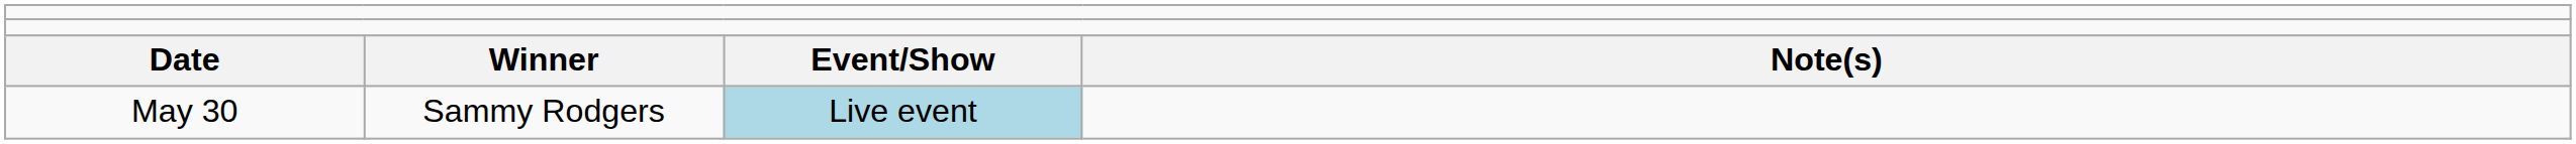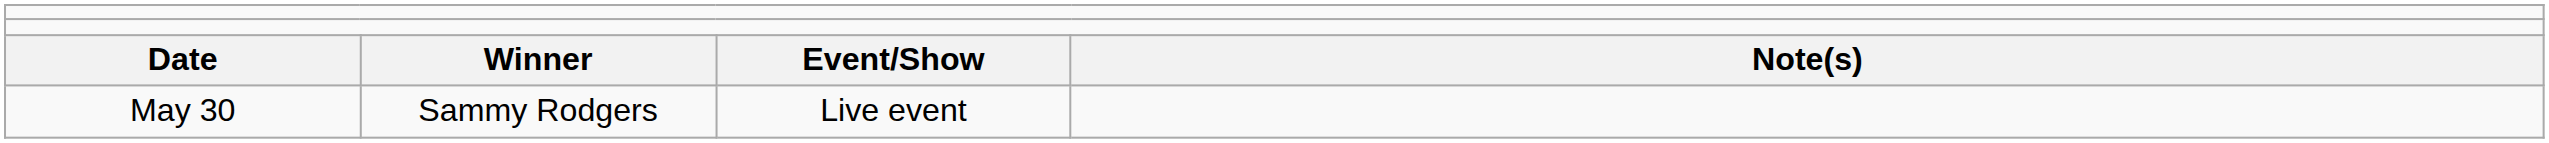 <table class="wikitable" style="text-align:center; width:100%;">
 <tr>
 <td colspan=5></td>
 </tr>
 <tr>
 <td colspan=5><strong></strong></td>
 </tr>
 <tr>
 <th width=14%>Date</th>
 <th width=14%>Winner</th>
 <th width=14%>Event/Show</th>
 <th width=58%>Note(s)</th>
 </tr>
 <tr>
 <td>May 30</td>
 <td>Sammy Rodgers</td>
-<td style="background: lightblue;">Live event</td>
+<td>Live event</td>
 <td align=left></td>
 </tr>
 </table>
